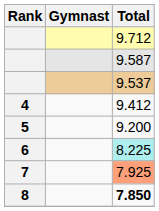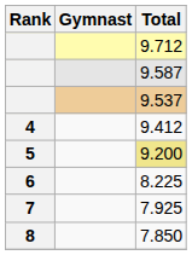 <table class="wikitable sortable" style="text-align:center; font-size:95%">
 <tr>
 <th scope=col>Rank</th>
 <th scope=col>Gymnast</th>
 <th scope=col>Total</th>
 </tr>
 <tr bgcolor=fffcaf>
 <th scope=row style="text-align:center"></th>
 <td align=left></td>
 <td>9.712</td>
 </tr>
 <tr bgcolor=e5e5e5>
 <th scope=row style="text-align:center"></th>
 <td align=left></td>
 <td>9.587</td>
 </tr>
 <tr bgcolor=eecc99>
 <th scope=row style="text-align:center"></th>
 <td align=left></td>
 <td>9.537</td>
 </tr>
 <tr>
 <th scope=row style="text-align:center">4</th>
 <td align=left></td>
 <td>9.412</td>
 </tr>
 <tr>
 <th scope=row style="text-align:center">5</th>
 <td align=left></td>
-<td>9.200</td>
+<td style="background: khaki;">9.200</td>
 </tr>
 <tr>
 <th scope=row style="text-align:center">6</th>
 <td align=left></td>
-<td style="background: paleturquoise;">8.225</td>
+<td>8.225</td>
 </tr>
 <tr>
 <th scope=row style="text-align:center">7</th>
 <td align=left></td>
-<td style="background: lightsalmon;">7.925</td>
+<td>7.925</td>
 </tr>
 <tr>
 <th scope=row style="text-align:center">8</th>
 <td align=left></td>
-<td><strong>7.850</strong></td>
+<td>7.850</td>
 </tr>
 <tr>
 </tr>
 </table>
